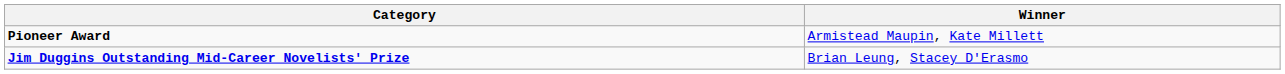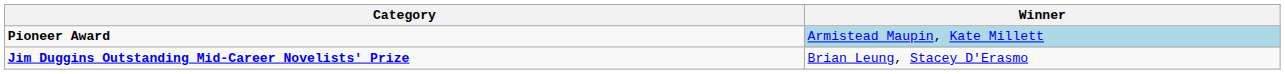 <table class="wikitable" width="100%">
 <tr>
 <th>Category</th>
 <th>Winner</th>
 </tr>
 <tr>
 <td><strong>Pioneer Award</strong></td>
-<td><a href='#'>Armistead Maupin</a>, <a href='#'>Kate Millett</a></td>
+<td style="background: lightblue;"><a href='#'>Armistead Maupin</a>, <a href='#'>Kate Millett</a></td>
 </tr>
 <tr>
 <td><strong><a href='#'>Jim Duggins Outstanding Mid-Career Novelists' Prize</a></strong></td>
 <td><a href='#'>Brian Leung</a>, <a href='#'>Stacey D'Erasmo</a></td>
 </tr>
 </table>
